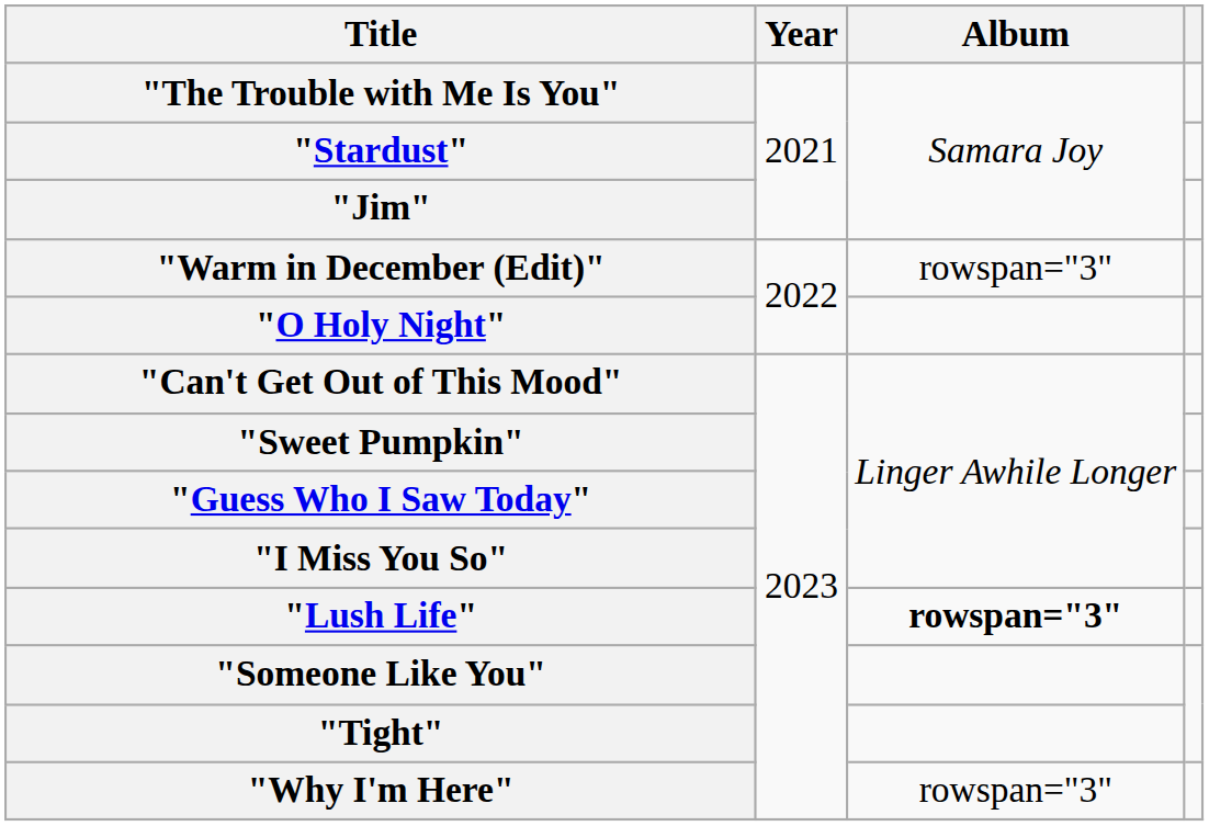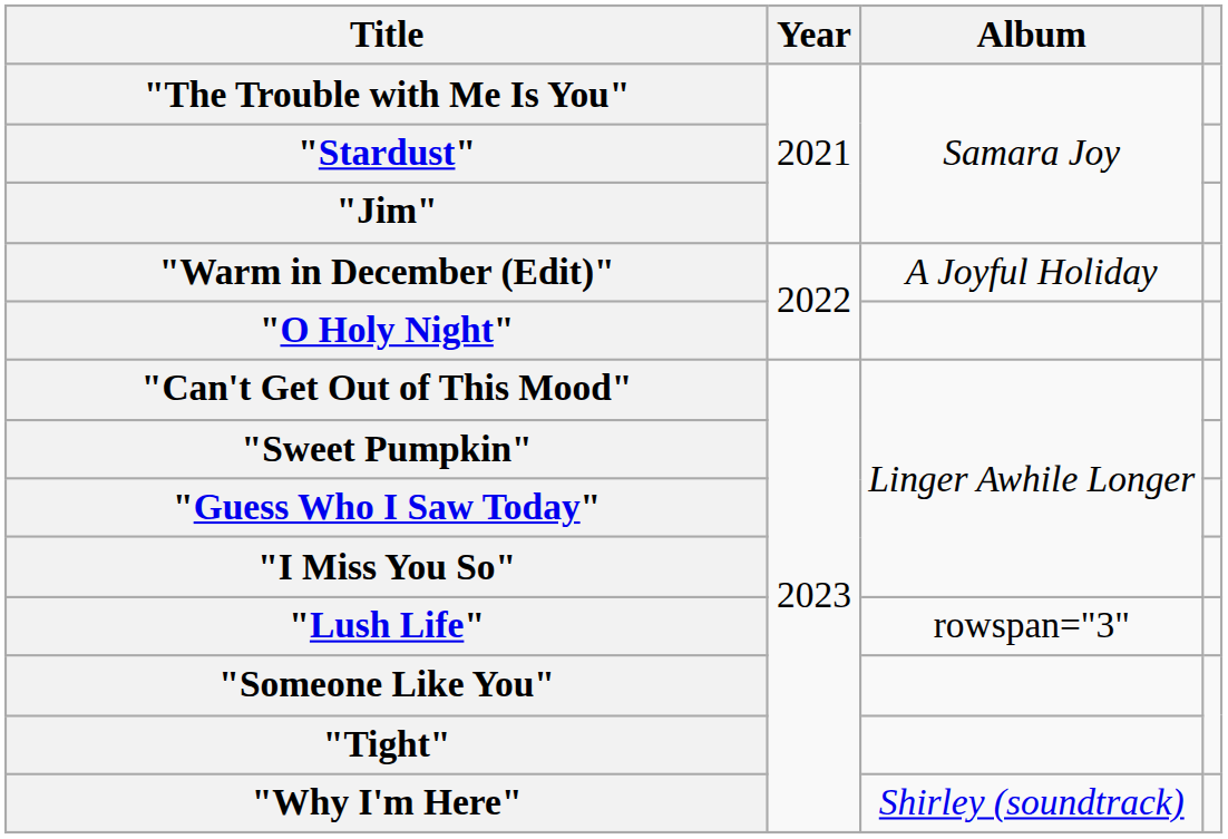 <table class="wikitable plainrowheaders" style="text-align:center;">
 <tr>
 <th style="width:20em;">Title</th>
 <th>Year</th>
 <th>Album</th>
 <th></th>
 </tr>
 <tr>
 <th scope="row">"The Trouble with Me Is You"</th>
 <td rowspan="3">2021</td>
 <td rowspan="3"><em>Samara Joy</em></td>
 <td></td>
 </tr>
 <tr>
 <th scope="row">"<a href='#'>Stardust</a>"</th>
 <td></td>
 </tr>
 <tr>
 <th scope="row">"Jim"</th>
 <td></td>
 </tr>
 <tr>
 <th scope="row">"Warm in December (Edit)"</th>
 <td rowspan="2">2022</td>
-<td>rowspan="3" </td>
+<td><em>A Joyful Holiday</em></td>
 <td></td>
 </tr>
 <tr>
 <th scope="row">"<a href='#'>O Holy Night</a>"<br></th>
 <td></td>
 <td></td>
 </tr>
 <tr>
 <th scope="row">"Can't Get Out of This Mood"</th>
 <td rowspan="8">2023</td>
 <td rowspan="4"><em>Linger Awhile Longer</em></td>
 <td></td>
 </tr>
 <tr>
 <th scope="row">"Sweet Pumpkin"<br></th>
 <td></td>
 </tr>
 <tr>
 <th scope="row">"<a href='#'>Guess Who I Saw Today</a>"<br></th>
 <td></td>
 </tr>
 <tr>
 <th scope="row">"I Miss You So"</th>
 <td></td>
 </tr>
 <tr>
 <th scope="row">"<a href='#'>Lush Life</a>"</th>
-<td><strong>rowspan="3" </strong></td>
+<td>rowspan="3" </td>
 <td></td>
 </tr>
 <tr>
 <th scope="row">"Someone Like You"</th>
 <td></td>
 </tr>
 <tr>
 <th scope="row">"Tight"</th>
 <td></td>
 </tr>
 <tr>
 <th scope="row">"Why I'm Here"</th>
-<td>rowspan="3" </td>
+<td><em><a href='#'>Shirley (soundtrack)</a></em></td>
 <td></td>
 </tr>
 <tr>
 </tr>
 </table>
